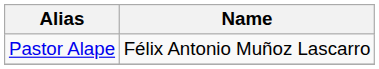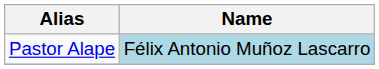 <table class="wikitable">
 <tr>
 <th>Alias</th>
 <th>Name</th>
 </tr>
 <tr>
 <td><a href='#'>Pastor Alape</a></td>
-<td>Félix Antonio Muñoz Lascarro</td>
+<td style="background: lightblue;">Félix Antonio Muñoz Lascarro</td>
 </tr>
 <tr>
 </tr>
 </table>
